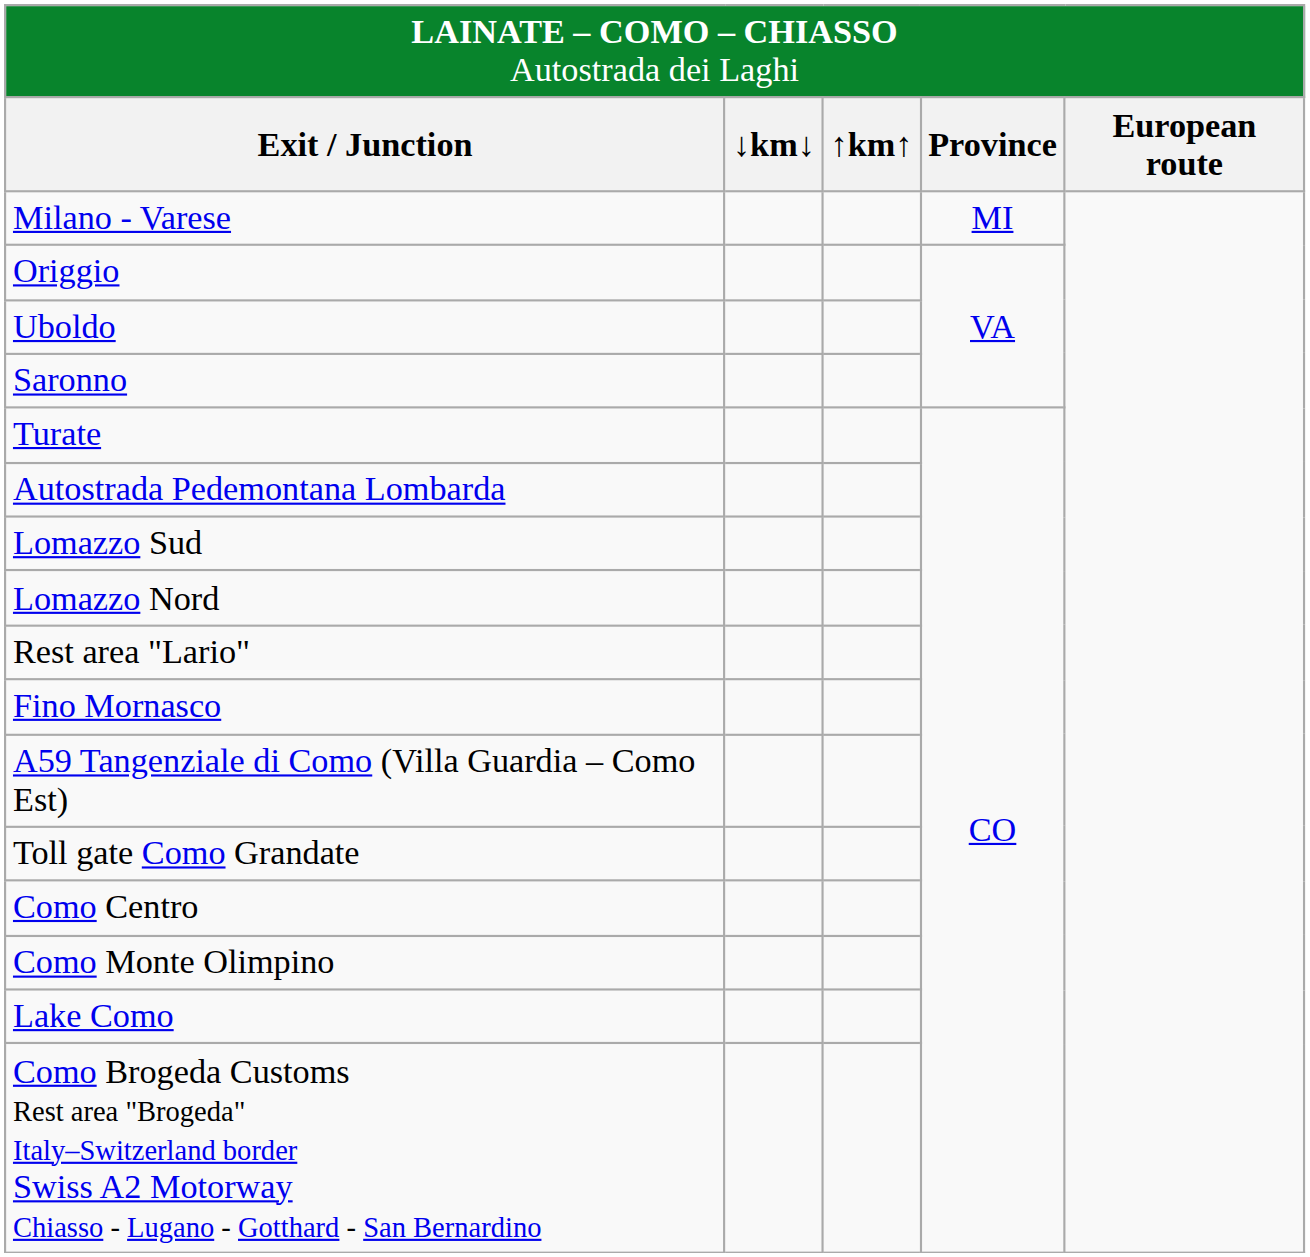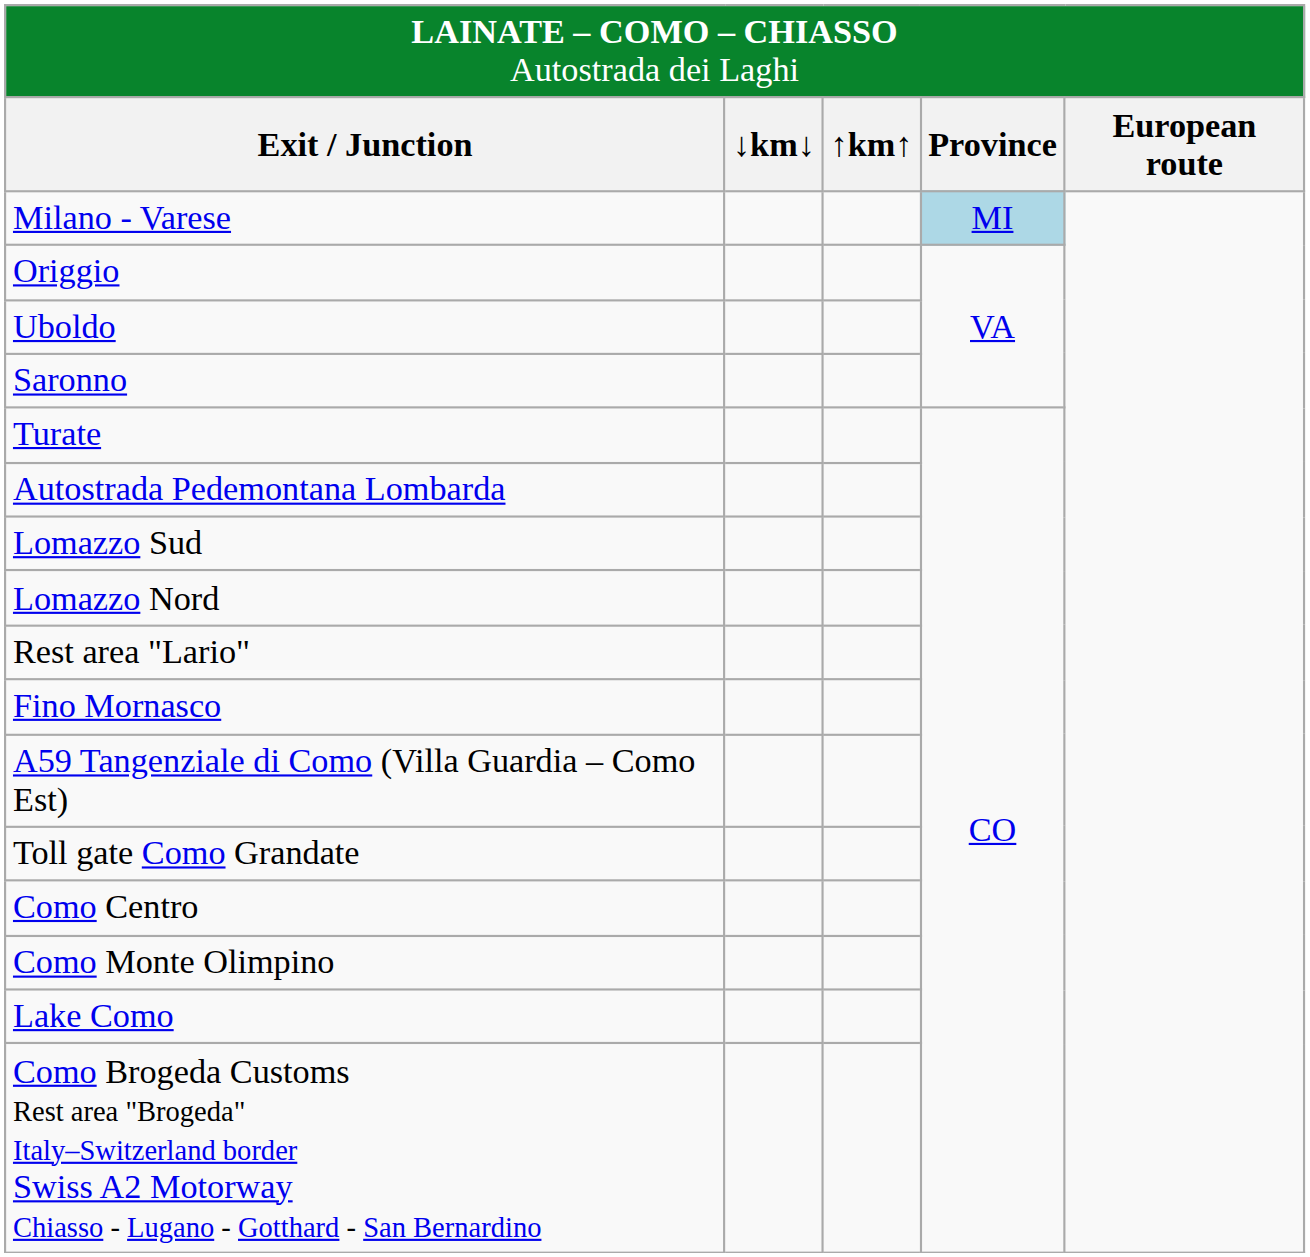 <table class="wikitable">
 <tr align="center" style="color: white;" bgcolor="#08842c">
 <td colspan="6"><strong> LAINATE – COMO – CHIASSO</strong><br>Autostrada dei Laghi</td>
 </tr>
 <tr>
 <th scope="col">Exit / Junction</th>
 <th scope="col">↓km↓</th>
 <th scope="col">↑km↑</th>
 <th scope="col">Province</th>
 <th scope="col">European route</th>
 </tr>
 <tr>
 <td>  <a href='#'>Milano - Varese</a></td>
 <td align="right"></td>
 <td align="right"></td>
-<td align="center"><a href='#'>MI</a></td>
+<td align="center" style="background: lightblue;"><a href='#'>MI</a></td>
 <td rowspan="17" align="center"></td>
 </tr>
 <tr>
 <td> <a href='#'>Origgio</a></td>
 <td align="right"></td>
 <td align="right"></td>
 <td rowspan=3 align="center"><a href='#'>VA</a></td>
 </tr>
 <tr>
 <td> <a href='#'>Uboldo</a></td>
 <td align="right"></td>
 <td align="right"></td>
 </tr>
 <tr>
 <td> <a href='#'>Saronno</a></td>
 <td align="right"></td>
 <td align="right"></td>
 </tr>
 <tr>
 <td> <a href='#'>Turate</a></td>
 <td align="right"></td>
 <td align="right"></td>
 <td rowspan="12" align="center"><a href='#'>CO</a></td>
 </tr>
 <tr>
 <td>  <a href='#'>Autostrada Pedemontana Lombarda</a></td>
 <td align="right"></td>
 <td align="right"></td>
 </tr>
 <tr>
 <td> <a href='#'>Lomazzo</a> Sud</td>
 <td align="right"></td>
 <td align="right"></td>
 </tr>
 <tr>
 <td> <a href='#'>Lomazzo</a> Nord</td>
 <td align="right"></td>
 <td align="right"></td>
 </tr>
 <tr>
 <td>  Rest area "Lario"</td>
 <td align="right"></td>
 <td align="right"></td>
 </tr>
 <tr>
 <td> <a href='#'>Fino Mornasco</a> </td>
 <td align="right"></td>
 <td align="right"></td>
 </tr>
 <tr>
 <td>  <a href='#'>A59 Tangenziale di Como</a> (Villa Guardia – Como Est)</td>
 <td align="right"></td>
 <td align="right"></td>
 </tr>
 <tr>
 <td> Toll gate <a href='#'>Como</a> Grandate</td>
 <td align="right"></td>
 <td align="right"></td>
 </tr>
 <tr>
 <td> <a href='#'>Como</a> Centro </td>
 <td align="right"></td>
 <td align="right"></td>
 </tr>
 <tr>
 <td> <a href='#'>Como</a> Monte Olimpino</td>
 <td align="right"></td>
 <td align="right"></td>
 </tr>
 <tr>
 <td>  <a href='#'>Lake Como</a></td>
 <td align="right"></td>
 <td align="right"></td>
 </tr>
 <tr>
 <td>  <a href='#'>Como</a> Brogeda Customs<br><small>   Rest area "Brogeda"<br><a href='#'>Italy–Switzerland border</a></small><br>  <a href='#'>Swiss A2 Motorway</a><br><small><a href='#'>Chiasso</a> - <a href='#'>Lugano</a> - <a href='#'>Gotthard</a> - <a href='#'>San Bernardino</a></small></td>
 <td align="right"></td>
 <td align="right"></td>
 </tr>
 </table>
